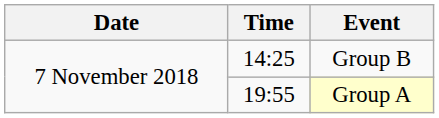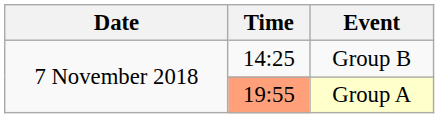 <table class = "wikitable" style="text-align:center;">
 <tr>
 <th width=150>Date</th>
 <th width=50>Time</th>
 <th width=80>Event</th>
 </tr>
 <tr>
 <td rowspan=2>7 November 2018</td>
 <td>14:25</td>
 <td>Group B</td>
 </tr>
 <tr>
-<td>19:55</td>
+<td style="background: lightsalmon;">19:55</td>
 <td bgcolor=ffffcc>Group A</td>
 </tr>
 </table>
